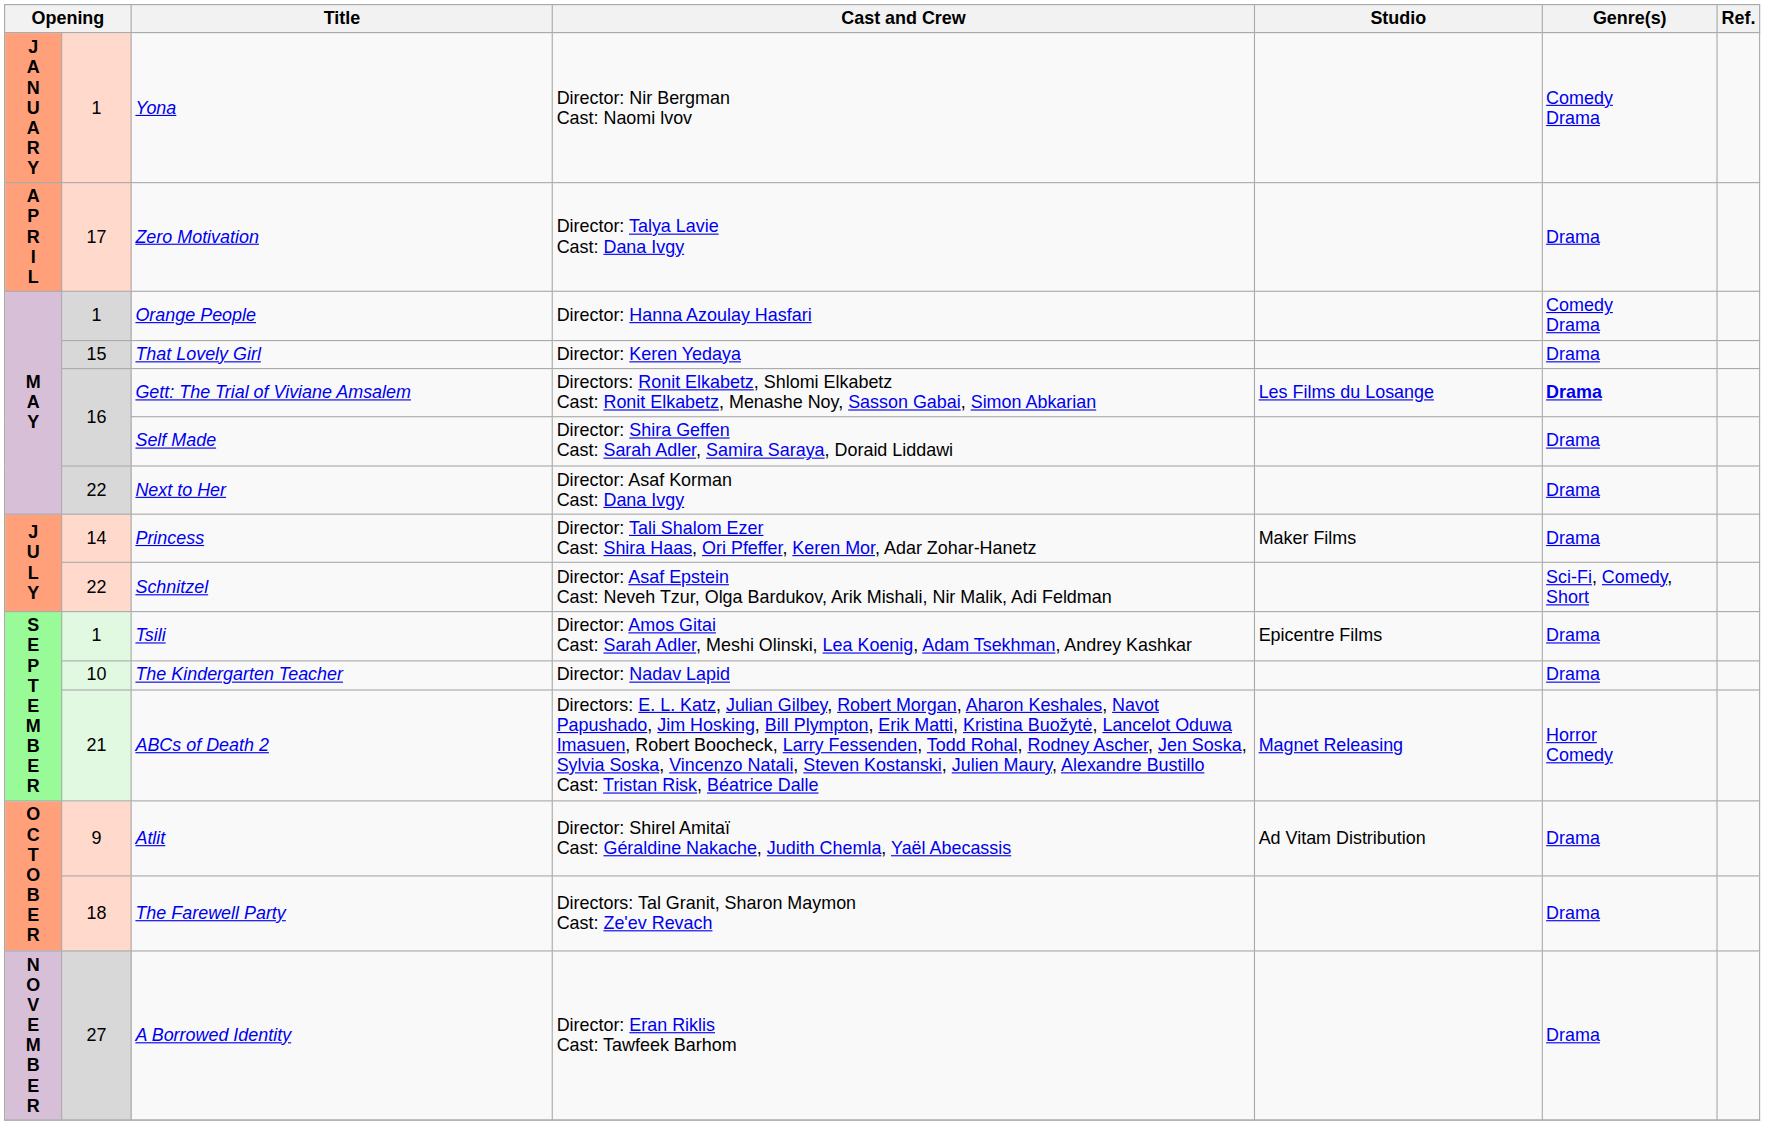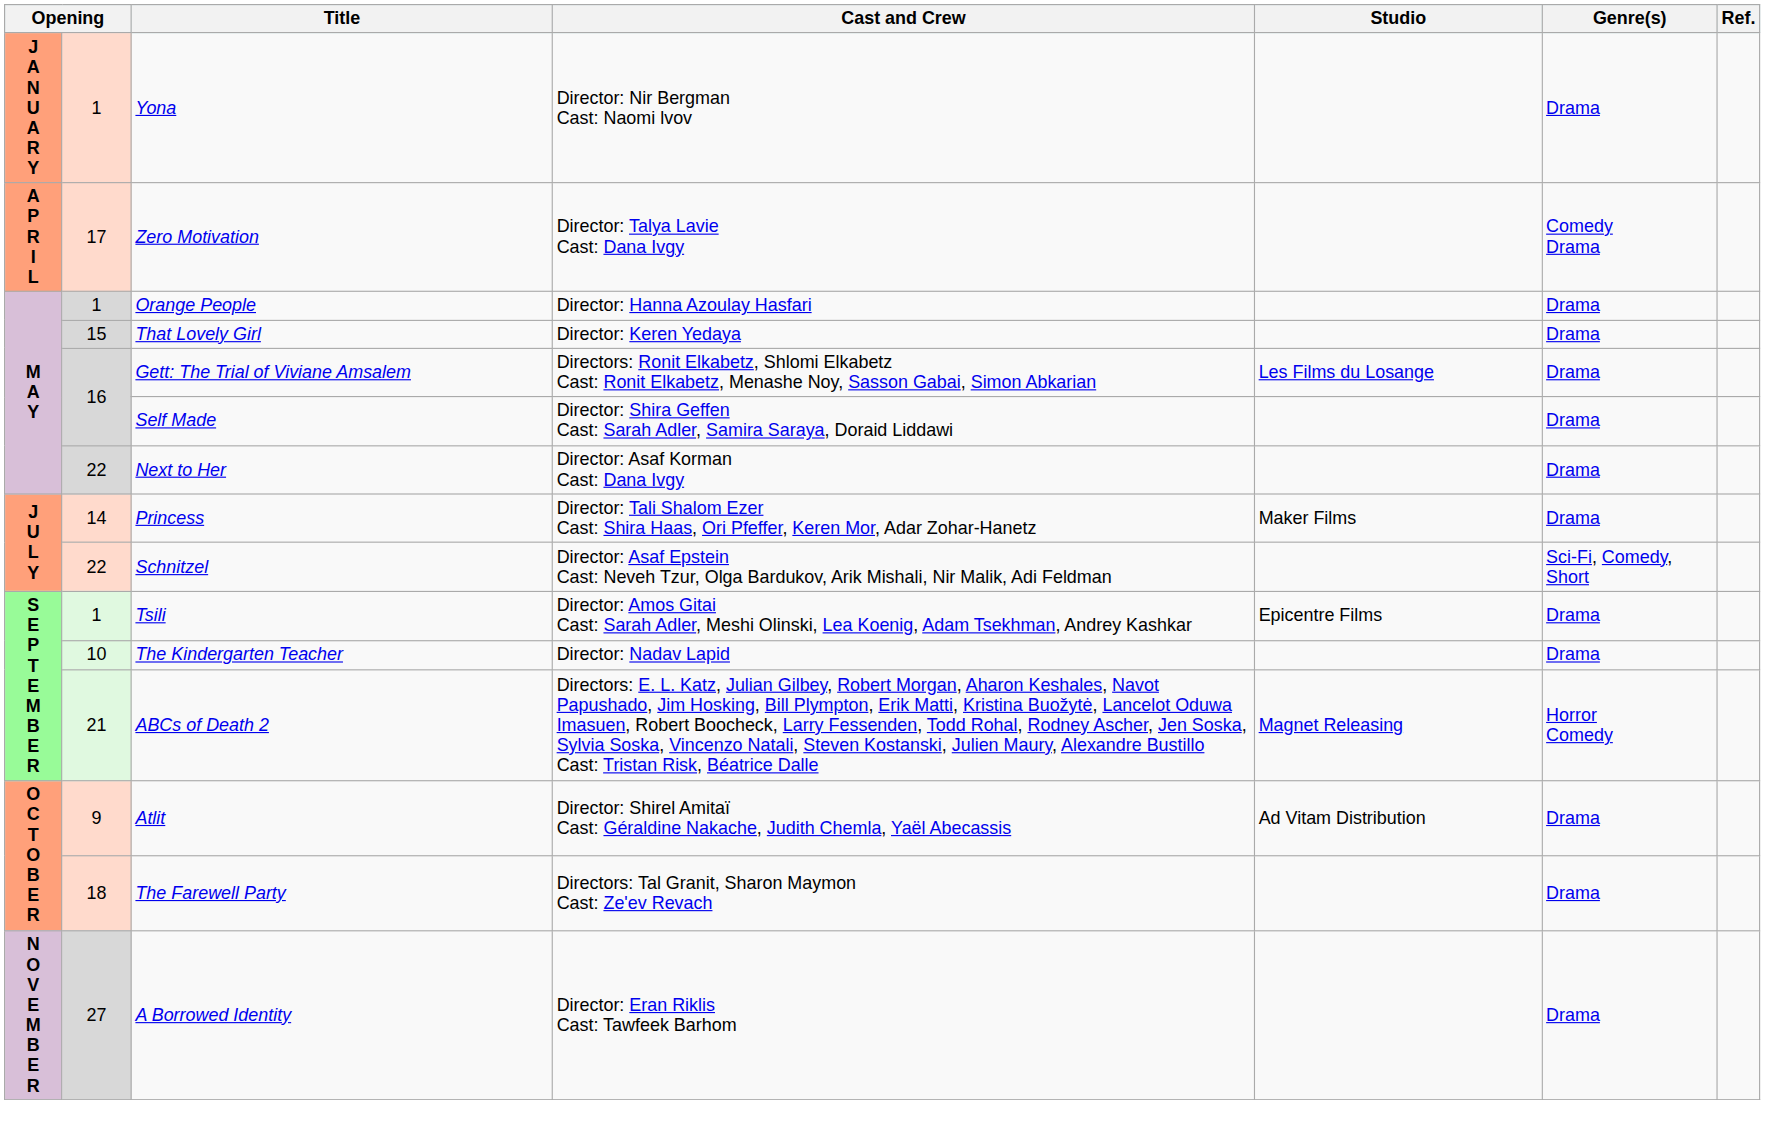 <table class="wikitable">
 <tr style="background:#b0e0e6; text-align:center;">
 <th colspan="2">Opening</th>
 <th style="width:24%;">Title</th>
 <th style="width:40%;">Cast and Crew</th>
 <th>Studio</th>
 <th style="width:10%;">Genre(s)</th>
 <th style="width:2%;">Ref.</th>
 </tr>
 <tr>
 <th rowspan="1" style="text-align:center; background:#ffa07a; textcolor:#000;">J<br>A<br>N<br>U<br>A<br>R<br>Y</th>
 <td rowspan="1" style="text-align:center; background:#ffdacc;">1</td>
 <td><em><a href='#'>Yona</a></em></td>
 <td>Director: Nir Bergman <br> Cast: Naomi lvov</td>
 <td></td>
-<td><a href='#'>Comedy</a> <br> <a href='#'>Drama</a></td>
+<td><a href='#'>Drama</a></td>
 <td style="text-align:center"></td>
 </tr>
 <tr>
 <th rowspan="1" style="text-align:center; background:#ffa07a; textcolor:#000;">A<br>P<br>R<br>I<br>L</th>
 <td rowspan="1" style="text-align:center; background:#ffdacc;">17</td>
 <td><em><a href='#'>Zero Motivation</a></em></td>
 <td>Director: <a href='#'>Talya Lavie</a> <br> Cast: <a href='#'>Dana Ivgy</a></td>
 <td></td>
-<td><a href='#'>Drama</a></td>
+<td><a href='#'>Comedy</a> <br> <a href='#'>Drama</a></td>
 <td style="text-align:center"></td>
 </tr>
 <tr>
 <th rowspan="5" style="text-align:center; background:thistle; textcolor:#000;">M<br>A<br>Y</th>
 <td rowspan="1" style="text-align:center; background:#d8d8d8;">1</td>
 <td><em><a href='#'>Orange People</a></em></td>
 <td>Director: <a href='#'>Hanna Azoulay Hasfari</a></td>
 <td></td>
-<td><a href='#'>Comedy</a> <br> <a href='#'>Drama</a></td>
+<td><a href='#'>Drama</a></td>
 <td style="text-align:center"></td>
 </tr>
 <tr>
 <td rowspan="1" style="text-align:center; background:#d8d8d8;">15</td>
 <td><em><a href='#'>That Lovely Girl</a></em></td>
 <td>Director: <a href='#'>Keren Yedaya</a></td>
 <td></td>
 <td><a href='#'>Drama</a></td>
 <td style="text-align:center"></td>
 </tr>
 <tr>
 <td rowspan="2" style="text-align:center; background:#d8d8d8;">16</td>
 <td><em><a href='#'>Gett: The Trial of Viviane Amsalem</a></em></td>
 <td>Directors: <a href='#'>Ronit Elkabetz</a>, Shlomi Elkabetz <br> Cast: <a href='#'>Ronit Elkabetz</a>, Menashe Noy, <a href='#'>Sasson Gabai</a>, <a href='#'>Simon Abkarian</a></td>
 <td><a href='#'>Les Films du Losange</a></td>
-<td><strong><a href='#'>Drama</a></strong></td>
+<td><a href='#'>Drama</a></td>
 <td style="text-align:center"></td>
 </tr>
 <tr>
 <td><em><a href='#'>Self Made</a></em></td>
 <td>Director: <a href='#'>Shira Geffen</a> <br> Cast: <a href='#'>Sarah Adler</a>, <a href='#'>Samira Saraya</a>, Doraid Liddawi</td>
 <td></td>
 <td><a href='#'>Drama</a></td>
 <td style="text-align:center"></td>
 </tr>
 <tr>
 <td rowspan="1" style="text-align:center; background:#d8d8d8;">22</td>
 <td><em><a href='#'>Next to Her</a></em></td>
 <td>Director: Asaf Korman <br> Cast: <a href='#'>Dana Ivgy</a></td>
 <td></td>
 <td><a href='#'>Drama</a></td>
 <td style="text-align:center"></td>
 </tr>
 <tr>
 <th rowspan="2" style="text-align:center; background:#ffa07a; textcolor:#000;">J<br>U<br>L<br>Y</th>
 <td rowspan="1" style="text-align:center; background:#ffdacc;">14</td>
 <td><em><a href='#'>Princess</a></em></td>
 <td>Director: <a href='#'>Tali Shalom Ezer</a> <br> Cast: <a href='#'>Shira Haas</a>, <a href='#'>Ori Pfeffer</a>, <a href='#'>Keren Mor</a>, Adar Zohar-Hanetz</td>
 <td>Maker Films</td>
 <td><a href='#'>Drama</a></td>
 <td style="text-align:center"></td>
 </tr>
 <tr>
 <td rowspan="1" style="text-align:center; background:#ffdacc;">22</td>
 <td><em><a href='#'>Schnitzel</a></em></td>
 <td>Director: <a href='#'>Asaf Epstein</a> <br> Cast: Neveh Tzur, Olga Bardukov, Arik Mishali, Nir Malik, Adi Feldman</td>
 <td></td>
 <td><a href='#'>Sci-Fi</a>, <a href='#'>Comedy</a>, <a href='#'>Short</a></td>
 <td style="text-align:center"></td>
 </tr>
 <tr>
 <th rowspan="3" style="text-align:center; background:#98fb98; textcolor:#000;">S<br>E<br>P<br>T<br>E<br>M<br>B<br>E<br>R</th>
 <td rowspan="1" style="text-align:center; background:#e0f9e0;">1</td>
 <td><em><a href='#'>Tsili</a></em></td>
 <td>Director: <a href='#'>Amos Gitai</a> <br> Cast: <a href='#'>Sarah Adler</a>, Meshi Olinski, <a href='#'>Lea Koenig</a>, <a href='#'>Adam Tsekhman</a>, Andrey Kashkar</td>
 <td>Epicentre Films</td>
 <td><a href='#'>Drama</a></td>
 <td style="text-align:center"></td>
 </tr>
 <tr>
 <td rowspan="1" style="text-align:center; background:#e0f9e0;">10</td>
 <td><em><a href='#'>The Kindergarten Teacher</a></em></td>
 <td>Director: <a href='#'>Nadav Lapid</a></td>
 <td></td>
 <td><a href='#'>Drama</a></td>
 <td style="text-align:center"></td>
 </tr>
 <tr>
 <td rowspan="1" style="text-align:center; background:#e0f9e0;">21</td>
 <td><em><a href='#'>ABCs of Death 2</a></em></td>
 <td>Directors: <a href='#'>E. L. Katz</a>, <a href='#'>Julian Gilbey</a>, <a href='#'>Robert Morgan</a>, <a href='#'>Aharon Keshales</a>, <a href='#'>Navot Papushado</a>, <a href='#'>Jim Hosking</a>, <a href='#'>Bill Plympton</a>, <a href='#'>Erik Matti</a>, <a href='#'>Kristina Buožytė</a>, <a href='#'>Lancelot Oduwa Imasuen</a>, Robert Boocheck, <a href='#'>Larry Fessenden</a>, <a href='#'>Todd Rohal</a>, <a href='#'>Rodney Ascher</a>, <a href='#'>Jen Soska</a>, <a href='#'>Sylvia Soska</a>, <a href='#'>Vincenzo Natali</a>, <a href='#'>Steven Kostanski</a>, <a href='#'>Julien Maury</a>, <a href='#'>Alexandre Bustillo</a> <br> Cast: <a href='#'>Tristan Risk</a>, <a href='#'>Béatrice Dalle</a></td>
 <td><a href='#'>Magnet Releasing</a></td>
 <td><a href='#'>Horror</a> <br> <a href='#'>Comedy</a></td>
 <td style="text-align:center"></td>
 </tr>
 <tr>
 <th rowspan="2" style="text-align:center; background:#ffa07a; textcolor:#000;">O<br>C<br>T<br>O<br>B<br>E<br>R</th>
 <td rowspan="1" style="text-align:center; background:#ffdacc;">9</td>
 <td><em><a href='#'>Atlit</a></em></td>
 <td>Director: Shirel Amitaï <br> Cast: <a href='#'>Géraldine Nakache</a>, <a href='#'>Judith Chemla</a>, <a href='#'>Yaël Abecassis</a></td>
 <td>Ad Vitam Distribution</td>
 <td><a href='#'>Drama</a></td>
 <td style="text-align:center"></td>
 </tr>
 <tr>
 <td rowspan="1" style="text-align:center; background:#ffdacc;">18</td>
 <td><em><a href='#'>The Farewell Party</a></em></td>
 <td>Directors: Tal Granit, Sharon Maymon <br> Cast: <a href='#'>Ze'ev Revach</a></td>
 <td></td>
 <td><a href='#'>Drama</a></td>
 <td style="text-align:center"></td>
 </tr>
 <tr>
 <th rowspan="1" style="text-align:center; background:thistle; textcolor:#000;">N<br>O<br>V<br>E<br>M<br>B<br>E<br>R</th>
 <td rowspan="1" style="text-align:center; background:#d8d8d8;">27</td>
 <td><em><a href='#'>A Borrowed Identity</a></em></td>
 <td>Director: <a href='#'>Eran Riklis</a> <br> Cast: Tawfeek Barhom</td>
 <td></td>
 <td><a href='#'>Drama</a></td>
 <td style="text-align:center"></td>
 </tr>
 <tr>
 </tr>
 </table>
